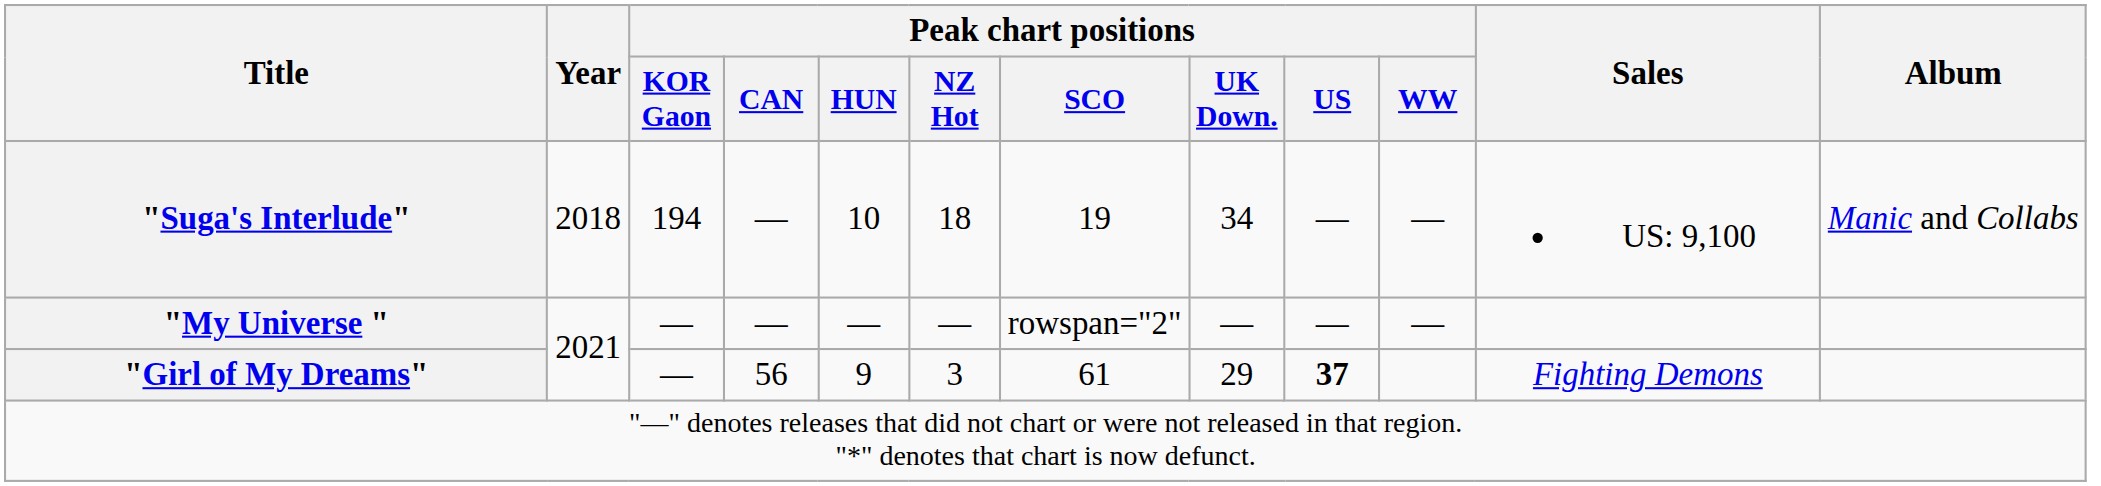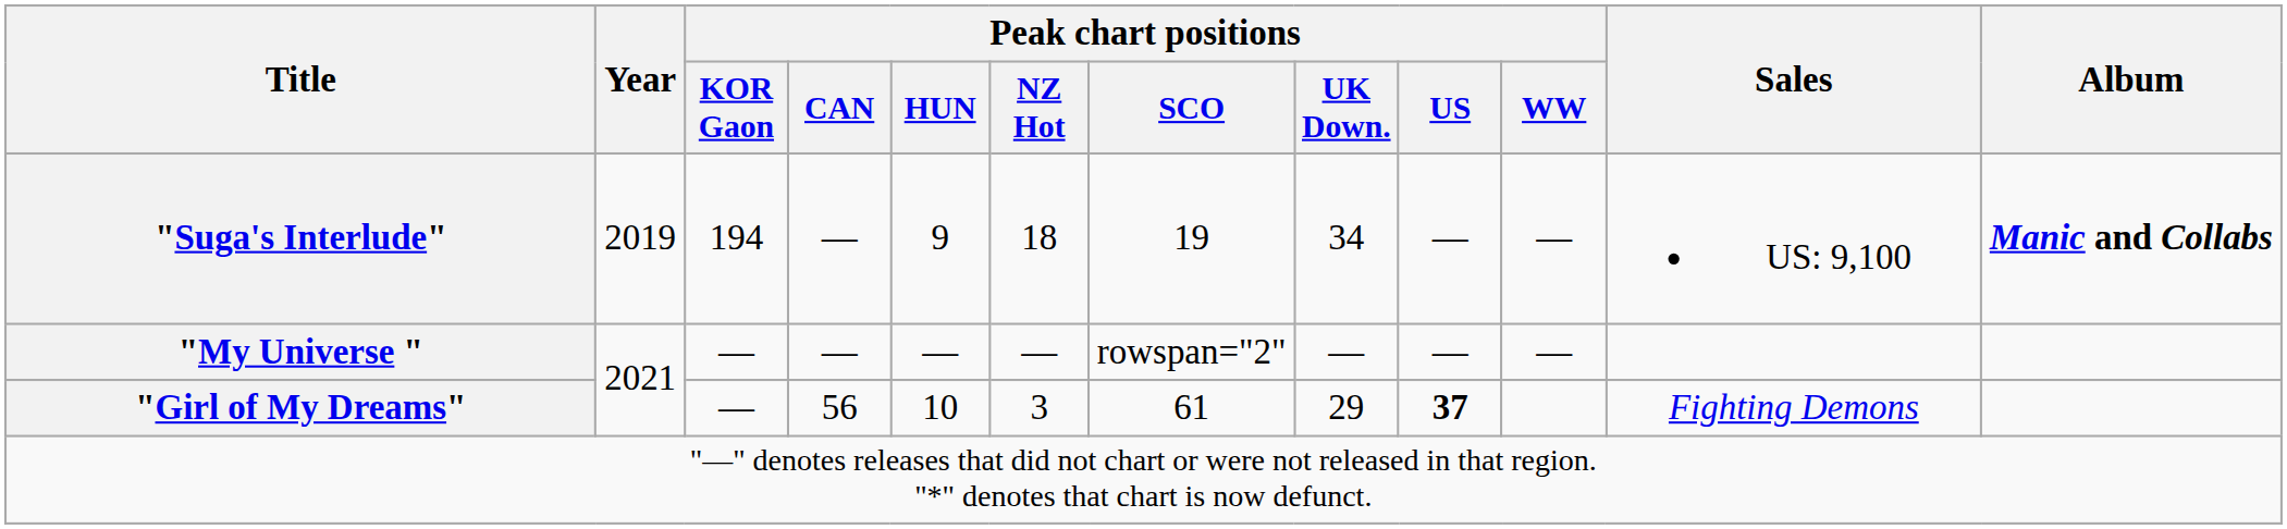 <table class="wikitable plainrowheaders" style="text-align:center;" border="1">
 <tr>
 <th scope=col rowspan="2" style="width:16em;">Title</th>
 <th scope=col rowspan="2">Year</th>
 <th scope="col" colspan="8">Peak chart positions</th>
 <th scope="col" rowspan="2" style="width:10em;">Sales</th>
 <th scope="col" rowspan="2">Album</th>
 </tr>
 <tr>
 <th scope="col" style="width:2.75em;font-size:90%;"><a href='#'>KOR<br>Gaon</a><br></th>
 <th scope="col" style="width:2.7em;font-size:90%;"><a href='#'>CAN</a><br></th>
 <th scope="col" style="width:2.6em;font-size:90%;"><a href='#'>HUN</a><br></th>
 <th scope="col" style="width:2.6em;font-size:90%;"><a href='#'>NZ<br>Hot</a><br></th>
 <th scope="col" style="width:2.6em;font-size:90%;"><a href='#'>SCO</a><br></th>
 <th scope="col" style="width:2.6em;font-size:90%;"><a href='#'>UK<br>Down.</a><br></th>
 <th scope="col" style="width:2.75em;font-size:90%;"><a href='#'>US</a><br></th>
 <th scope="col" style="width:2.75em;font-size:90%;"><a href='#'>WW</a><br></th>
 </tr>
 <tr>
 <th scope="row">"<a href='#'>Suga's Interlude</a>"<br></th>
-<td>2018</td>
+<td>2019</td>
 <td>194</td>
 <td>—</td>
-<td>10</td>
+<td>9</td>
 <td>18</td>
 <td>19</td>
 <td>34</td>
 <td>—</td>
 <td>—</td>
 <td><br><ul><li>US: 9,100</li></ul></td>
-<td><em><a href='#'>Manic</a></em> and <em>Collabs</em></td>
+<td><strong><em><a href='#'>Manic</a></em> and <em>Collabs</em></strong></td>
 </tr>
 <tr>
 <th scope="row">"<a href='#'>My Universe</a> "<br></th>
 <td rowspan="2">2021</td>
 <td>—</td>
 <td>—</td>
 <td>—</td>
 <td>—</td>
 <td>rowspan="2" </td>
 <td>—</td>
 <td>—</td>
 <td>—</td>
 <td></td>
 <td></td>
 </tr>
 <tr>
 <th scope="row">"<a href='#'>Girl of My Dreams</a>"<br></th>
 <td>—</td>
 <td>56</td>
-<td>9</td>
+<td>10</td>
 <td>3</td>
 <td>61</td>
 <td>29</td>
 <td><strong>37</strong></td>
 <td></td>
 <td><em><a href='#'>Fighting Demons</a></em></td>
 </tr>
 <tr>
 <td colspan="12" style="font-size:85%">"—" denotes releases that did not chart or were not released in that region.<br>"*" denotes that chart is now defunct.</td>
 </tr>
 </table>
